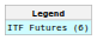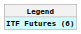 <table class=wikitable style=font-size:97%>
 <tr>
 <th>Legend</th>
 </tr>
 <tr bgcolor=cffcff>
-<td>ITF Futures (6)</td>
+<td><strong>ITF Futures (6)</strong></td>
 </tr>
 </table>
